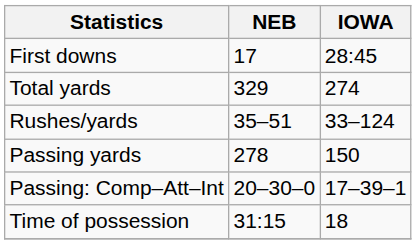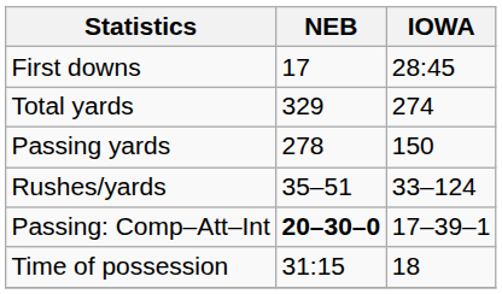 <table class="wikitable" style="float: left;">
 <tr>
 <th>Statistics</th>
 <th>NEB</th>
 <th>IOWA</th>
 </tr>
 <tr>
 <td>First downs</td>
 <td>17</td>
 <td>28:45</td>
 </tr>
 <tr>
 <td>Total yards</td>
 <td>329</td>
 <td>274</td>
 </tr>
 <tr>
+<td>Passing yards</td>
+<td>278</td>
+<td>150</td>
+</tr>
+<tr>
 <td>Rushes/yards</td>
 <td>35–51</td>
 <td>33–124</td>
 </tr>
 <tr>
-<td>Passing yards</td>
-<td>278</td>
-<td>150</td>
-</tr>
-<tr>
 <td>Passing: Comp–Att–Int</td>
-<td>20–30–0</td>
+<td><strong>20–30–0</strong></td>
 <td>17–39–1</td>
 </tr>
 <tr>
 <td>Time of possession</td>
 <td>31:15</td>
 <td>18</td>
 </tr>
 <tr>
 </tr>
 </table>
